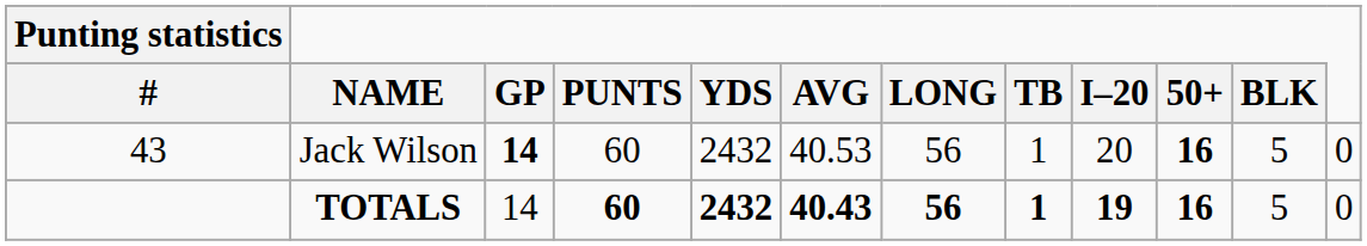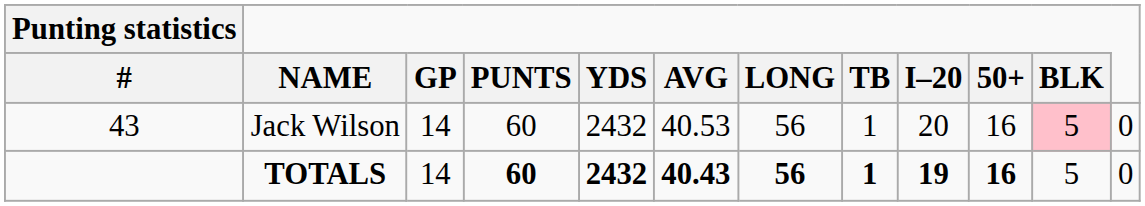 <table class="wikitable sortable" style="text-align:center;">
 <tr>
 <th style="text-align:center; ">Punting statistics</th>
 </tr>
 <tr>
 <th>#</th>
 <th>NAME</th>
 <th>GP</th>
 <th>PUNTS</th>
 <th>YDS</th>
 <th>AVG</th>
 <th>LONG</th>
 <th>TB</th>
 <th>I–20</th>
 <th>50+</th>
 <th>BLK</th>
 </tr>
 <tr>
 <td>43</td>
 <td>Jack Wilson</td>
-<td><strong>14</strong></td>
+<td>14</td>
 <td>60</td>
 <td>2432</td>
 <td>40.53</td>
 <td>56</td>
 <td>1</td>
 <td>20</td>
-<td><strong>16</strong></td>
-<td>5</td>
+<td>16</td>
+<td style="background: pink;">5</td>
 <td>0</td>
 </tr>
 <tr>
 <td></td>
 <td><strong>TOTALS</strong></td>
 <td>14</td>
 <td><strong>60</strong></td>
 <td><strong>2432</strong></td>
 <td><strong>40.43</strong></td>
 <td><strong>56</strong></td>
 <td><strong>1</strong></td>
 <td><strong>19</strong></td>
 <td><strong>16</strong></td>
 <td>5</td>
 <td>0</td>
 </tr>
 </table>
